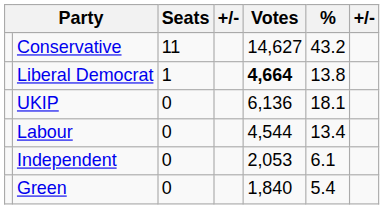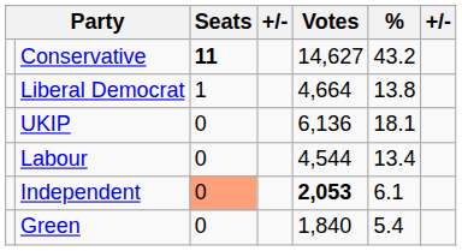 <table class="wikitable">
 <tr>
 <th colspan="2">Party</th>
 <th>Seats</th>
 <th>+/-</th>
 <th>Votes</th>
 <th>%</th>
 <th>+/-</th>
 </tr>
 <tr>
 <td style="background-color: "></td>
 <td><a href='#'>Conservative</a></td>
-<td>11</td>
+<td><strong>11</strong></td>
 <td></td>
 <td>14,627</td>
 <td>43.2</td>
 <td style="color:green"></td>
 </tr>
 <tr>
 <td style="background-color: "></td>
 <td><a href='#'>Liberal Democrat</a></td>
 <td>1</td>
 <td></td>
-<td><strong>4,664</strong></td>
+<td>4,664</td>
 <td>13.8</td>
 <td style="color:green"></td>
 </tr>
 <tr>
 <td style="background-color:"></td>
 <td><a href='#'>UKIP</a></td>
 <td>0</td>
 <td></td>
 <td>6,136</td>
 <td>18.1</td>
 <td style="color:red"></td>
 </tr>
 <tr>
 <td style="background-color: "></td>
 <td><a href='#'>Labour</a></td>
 <td>0</td>
 <td></td>
 <td>4,544</td>
 <td>13.4</td>
 <td style="color:green"></td>
 </tr>
 <tr>
 <td style="background-color: "></td>
 <td><a href='#'>Independent</a></td>
-<td>0</td>
+<td style="background: lightsalmon;">0</td>
 <td></td>
-<td>2,053</td>
+<td><strong>2,053</strong></td>
 <td>6.1</td>
 <td style="color:green"></td>
 </tr>
 <tr>
 <td style="background-color: "></td>
 <td><a href='#'>Green</a></td>
 <td>0</td>
 <td></td>
 <td>1,840</td>
 <td>5.4</td>
 <td style="color:red"></td>
 </tr>
 </table>
